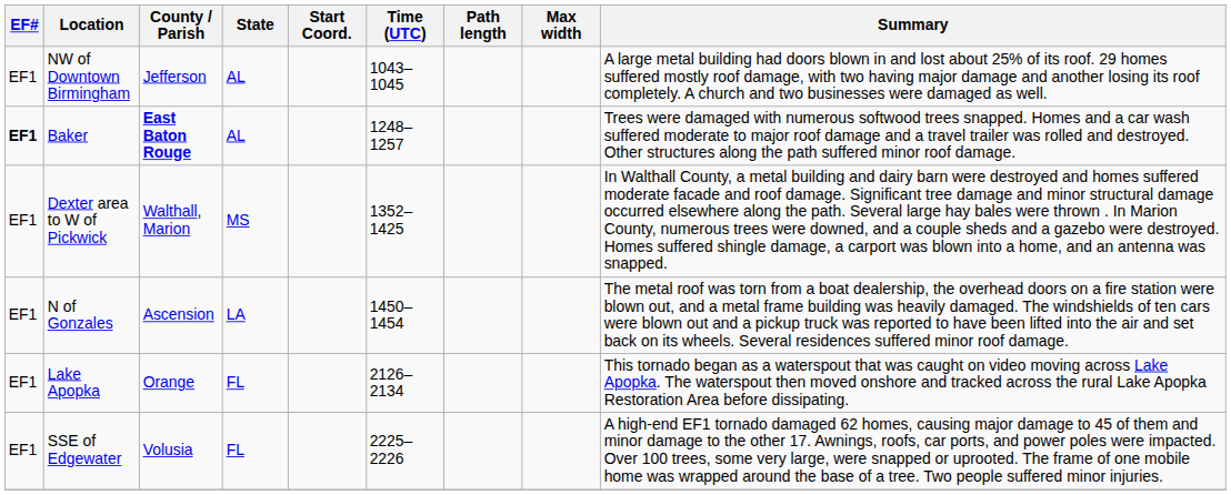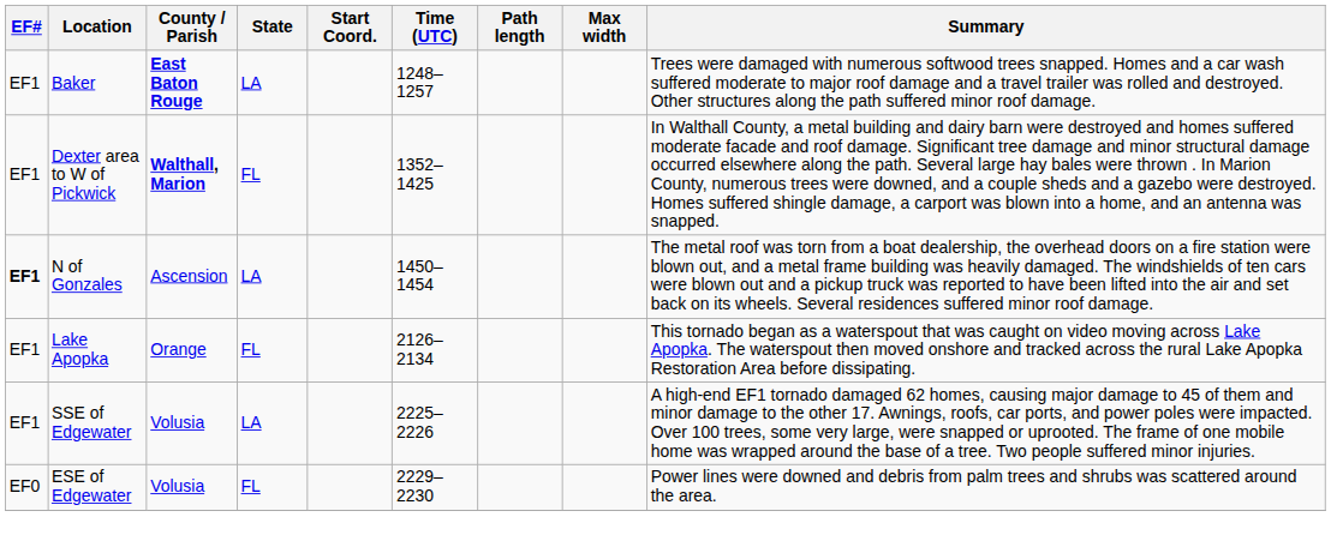 <table class="wikitable sortable" style="width:100%;">
 <tr>
 <th scope="col" width="3%" align="center"><a href='#'>EF#</a></th>
 <th scope="col" width="7%" align="center" class="unsortable">Location</th>
 <th scope="col" width="6%" align="center" class="unsortable">County / Parish</th>
 <th scope="col" width="5%" align="center">State</th>
 <th scope="col" width="6%" align="center">Start Coord.</th>
 <th scope="col" width="6%" align="center">Time (<a href='#'>UTC</a>)</th>
 <th scope="col" width="6%" align="center">Path length</th>
 <th scope="col" width="6%" align="center">Max width</th>
 <th scope="col" width="48%" class="unsortable" align="center">Summary</th>
 </tr>
 <tr>
 <td>EF1</td>
-<td>NW of <a href='#'>Downtown Birmingham</a></td>
-<td><a href='#'>Jefferson</a></td>
-<td><a href='#'>AL</a></td>
-<td></td>
-<td>1043–1045</td>
-<td></td>
-<td></td>
-<td>A large metal building had doors blown in and lost about 25% of its roof. 29 homes suffered mostly roof damage, with two having major damage and another losing its roof completely. A church and two businesses were damaged as well.</td>
-</tr>
-<tr>
-<td><strong>EF1</strong></td>
 <td><a href='#'>Baker</a></td>
 <td><strong><a href='#'>East Baton Rouge</a></strong></td>
-<td><a href='#'>AL</a></td>
+<td><a href='#'>LA</a></td>
 <td></td>
 <td>1248–1257</td>
 <td></td>
 <td></td>
 <td>Trees were damaged with numerous softwood trees snapped. Homes and a car wash suffered moderate to major roof damage and a travel trailer was rolled  and destroyed. Other structures along the path suffered minor roof damage.</td>
 </tr>
 <tr>
 <td>EF1</td>
 <td><a href='#'>Dexter</a> area to W of <a href='#'>Pickwick</a></td>
-<td><a href='#'>Walthall</a>, <a href='#'>Marion</a></td>
-<td><a href='#'>MS</a></td>
+<td><strong><a href='#'>Walthall</a>, <a href='#'>Marion</a></strong></td>
+<td><a href='#'>FL</a></td>
 <td></td>
 <td>1352–1425</td>
 <td></td>
 <td></td>
 <td>In Walthall County, a metal building and dairy barn were destroyed and homes suffered moderate facade and roof damage. Significant tree damage and minor structural damage occurred elsewhere along the path. Several large hay bales were thrown . In Marion County, numerous trees were downed, and a couple sheds and a gazebo were destroyed. Homes suffered shingle damage, a carport was blown into a home, and an antenna was snapped.</td>
 </tr>
 <tr>
-<td>EF1</td>
+<td><strong>EF1</strong></td>
 <td>N of <a href='#'>Gonzales</a></td>
 <td><a href='#'>Ascension</a></td>
 <td><a href='#'>LA</a></td>
 <td></td>
 <td>1450–1454</td>
 <td></td>
 <td></td>
 <td>The metal roof was torn from a boat dealership, the overhead doors on a fire station were blown out, and a metal frame building was heavily damaged. The windshields of ten cars were blown out and a pickup truck was reported to have been lifted  into the air and set back on its wheels. Several residences suffered minor roof damage.</td>
 </tr>
 <tr>
 <td>EF1</td>
 <td><a href='#'>Lake Apopka</a></td>
 <td><a href='#'>Orange</a></td>
 <td><a href='#'>FL</a></td>
 <td></td>
 <td>2126–2134</td>
 <td></td>
 <td></td>
 <td>This tornado began as a waterspout that was caught on video moving across <a href='#'>Lake Apopka</a>. The waterspout then moved onshore and tracked across the rural Lake Apopka Restoration Area before dissipating.</td>
 </tr>
 <tr>
 <td>EF1</td>
 <td>SSE of <a href='#'>Edgewater</a></td>
 <td><a href='#'>Volusia</a></td>
-<td><a href='#'>FL</a></td>
+<td><a href='#'>LA</a></td>
 <td></td>
 <td>2225–2226</td>
 <td></td>
 <td></td>
 <td>A high-end EF1 tornado damaged 62 homes, causing major damage to 45 of them and minor damage to the other 17. Awnings, roofs, car ports, and power poles were impacted. Over 100 trees, some very large, were snapped or uprooted. The frame of one mobile home was wrapped around the base of a tree. Two people suffered minor injuries.</td>
 </tr>
 <tr>
+<td>EF0</td>
+<td>ESE of <a href='#'>Edgewater</a></td>
+<td><a href='#'>Volusia</a></td>
+<td><a href='#'>FL</a></td>
+<td></td>
+<td>2229–2230</td>
+<td></td>
+<td></td>
+<td>Power lines were downed and debris from palm trees and shrubs was scattered around the area.</td>
+</tr>
+<tr>
 </tr>
 </table>
